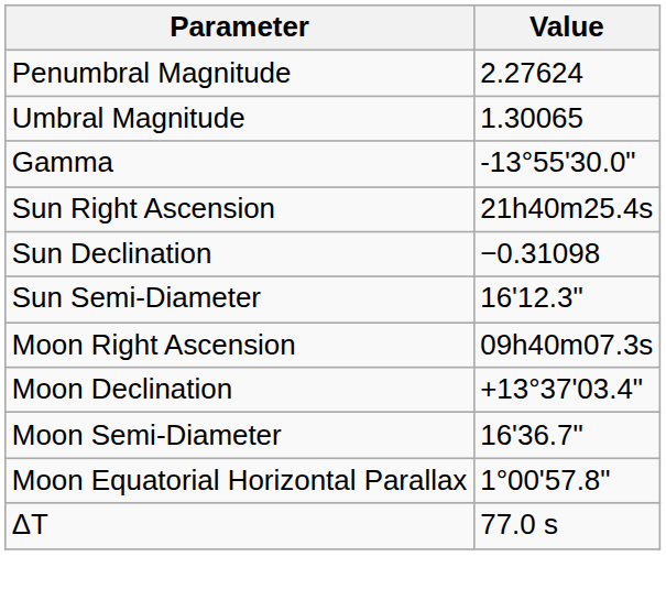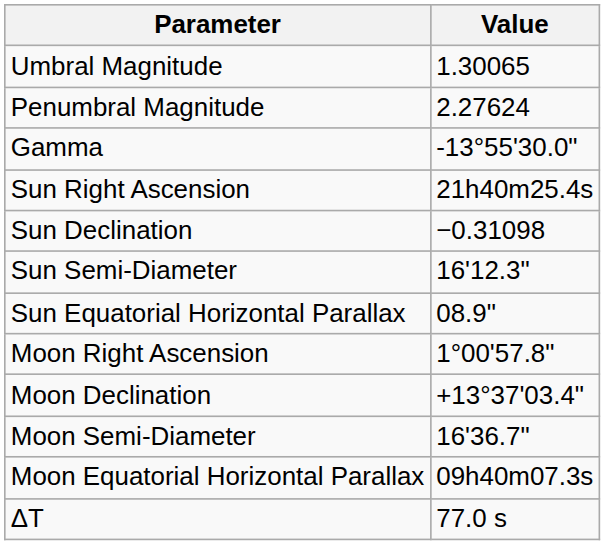 <table class="wikitable">
 <tr>
 <th>Parameter</th>
 <th>Value</th>
 </tr>
 <tr>
+<td>Umbral Magnitude</td>
+<td>1.30065</td>
+</tr>
+<tr>
 <td>Penumbral Magnitude</td>
 <td>2.27624</td>
-</tr>
-<tr>
-<td>Umbral Magnitude</td>
-<td>1.30065</td>
 </tr>
 <tr>
 <td>Gamma</td>
 <td>-13°55'30.0"</td>
 </tr>
 <tr>
 <td>Sun Right Ascension</td>
 <td>21h40m25.4s</td>
 </tr>
 <tr>
 <td>Sun Declination</td>
 <td>−0.31098</td>
 </tr>
 <tr>
 <td>Sun Semi-Diameter</td>
 <td>16'12.3"</td>
 </tr>
 <tr>
+<td>Sun Equatorial Horizontal Parallax</td>
+<td>08.9"</td>
+</tr>
+<tr>
 <td>Moon Right Ascension</td>
-<td>09h40m07.3s</td>
+<td>1°00'57.8"</td>
 </tr>
 <tr>
 <td>Moon Declination</td>
 <td>+13°37'03.4"</td>
 </tr>
 <tr>
 <td>Moon Semi-Diameter</td>
 <td>16'36.7"</td>
 </tr>
 <tr>
 <td>Moon Equatorial Horizontal Parallax</td>
-<td>1°00'57.8"</td>
+<td>09h40m07.3s</td>
 </tr>
 <tr>
 <td>ΔT</td>
 <td>77.0 s</td>
 </tr>
 </table>
